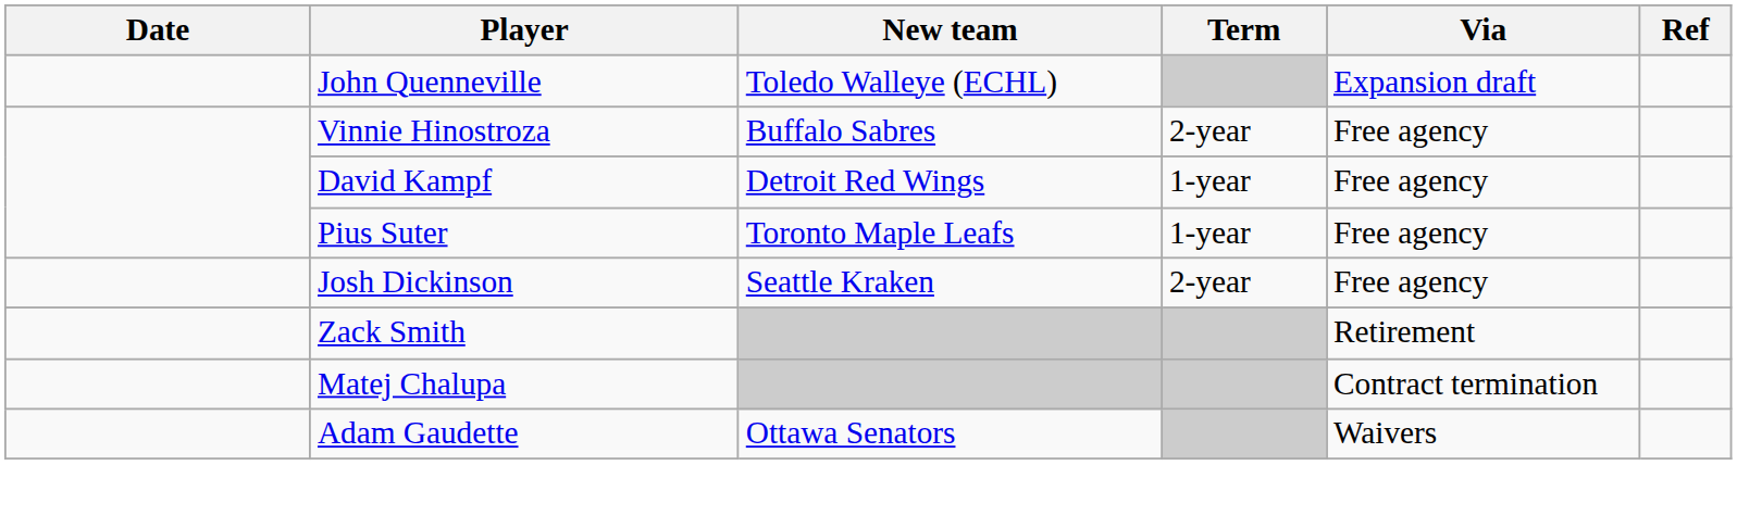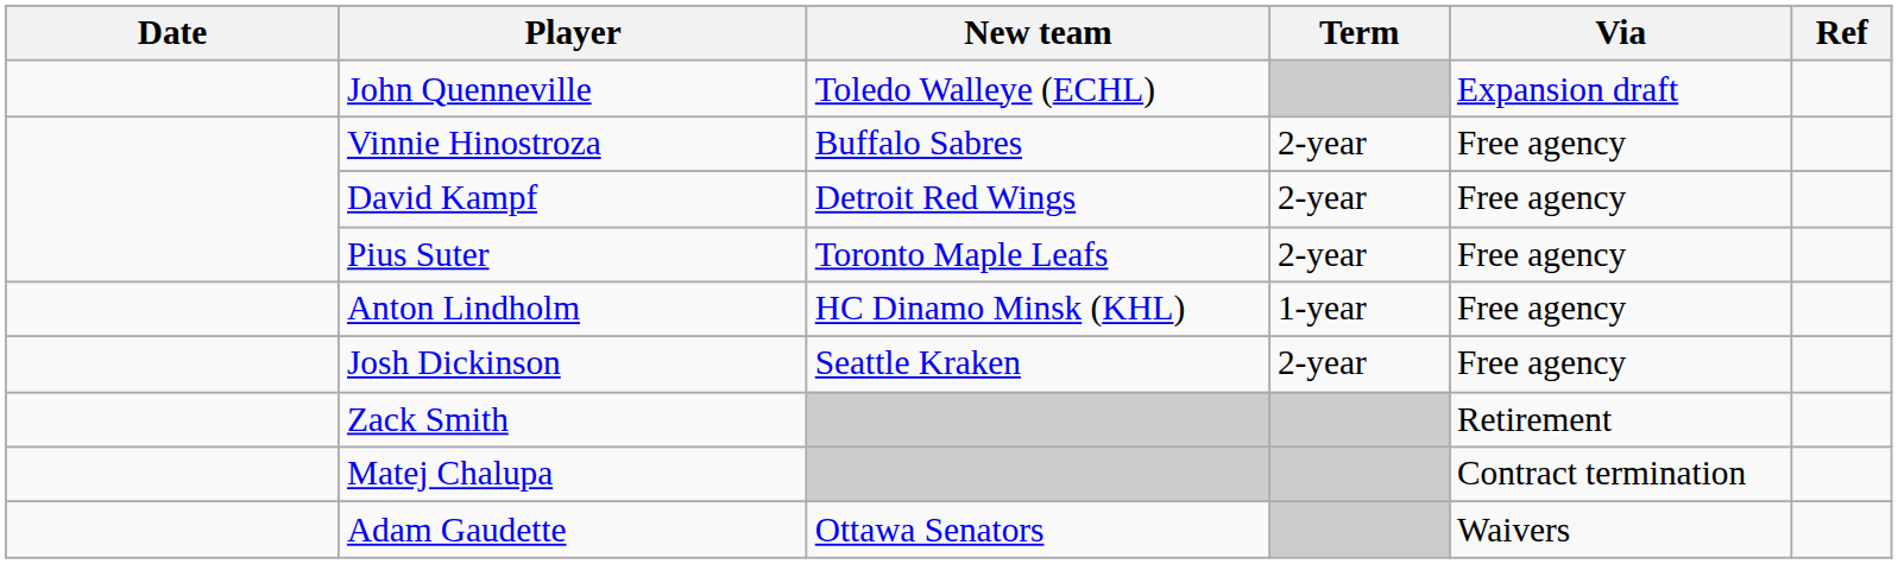 <table class="wikitable">
 <tr style="background:#ddd; text-align:center;">
 <th style="width: 10em;">Date</th>
 <th style="width: 14em;">Player</th>
 <th style="width: 14em;">New team</th>
 <th style="width: 5em;">Term</th>
 <th style="width: 10em;">Via</th>
 <th style="width: 2.5em;">Ref</th>
 </tr>
 <tr>
 <td></td>
 <td><a href='#'>John Quenneville</a></td>
 <td><a href='#'>Toledo Walleye</a> (<a href='#'>ECHL</a>)</td>
 <td style="background:#ccc;"></td>
 <td><a href='#'>Expansion draft</a></td>
 <td></td>
 </tr>
 <tr>
 <td rowspan=3></td>
 <td><a href='#'>Vinnie Hinostroza</a></td>
 <td><a href='#'>Buffalo Sabres</a></td>
 <td>2-year</td>
 <td>Free agency</td>
 <td></td>
 </tr>
 <tr>
 <td><a href='#'>David Kampf</a></td>
 <td><a href='#'>Detroit Red Wings</a></td>
-<td>1-year</td>
+<td>2-year</td>
 <td>Free agency</td>
 <td></td>
 </tr>
 <tr>
 <td><a href='#'>Pius Suter</a></td>
 <td><a href='#'>Toronto Maple Leafs</a></td>
+<td>2-year</td>
+<td>Free agency</td>
+<td></td>
+</tr>
+<tr>
+<td></td>
+<td><a href='#'>Anton Lindholm</a></td>
+<td><a href='#'>HC Dinamo Minsk</a> (<a href='#'>KHL</a>)</td>
 <td>1-year</td>
 <td>Free agency</td>
 <td></td>
 </tr>
 <tr>
 <td></td>
 <td><a href='#'>Josh Dickinson</a></td>
 <td><a href='#'>Seattle Kraken</a></td>
 <td>2-year</td>
 <td>Free agency</td>
 <td></td>
 </tr>
 <tr>
 <td></td>
 <td><a href='#'>Zack Smith</a></td>
 <td style="background:#ccc;"></td>
 <td style="background:#ccc;"></td>
 <td>Retirement</td>
 <td></td>
 </tr>
 <tr>
 <td></td>
 <td><a href='#'>Matej Chalupa</a></td>
 <td style="background:#ccc;"></td>
 <td style="background:#ccc;"></td>
 <td>Contract termination</td>
 <td></td>
 </tr>
 <tr>
 <td></td>
 <td><a href='#'>Adam Gaudette</a></td>
 <td><a href='#'>Ottawa Senators</a></td>
 <td style="background:#ccc"></td>
 <td>Waivers</td>
 <td></td>
 </tr>
 </table>
